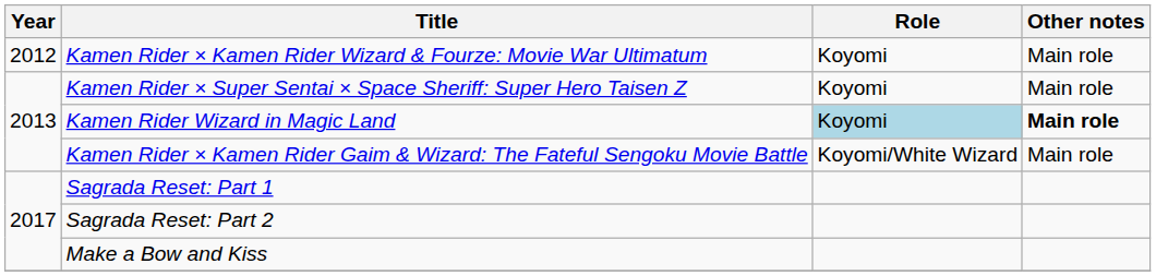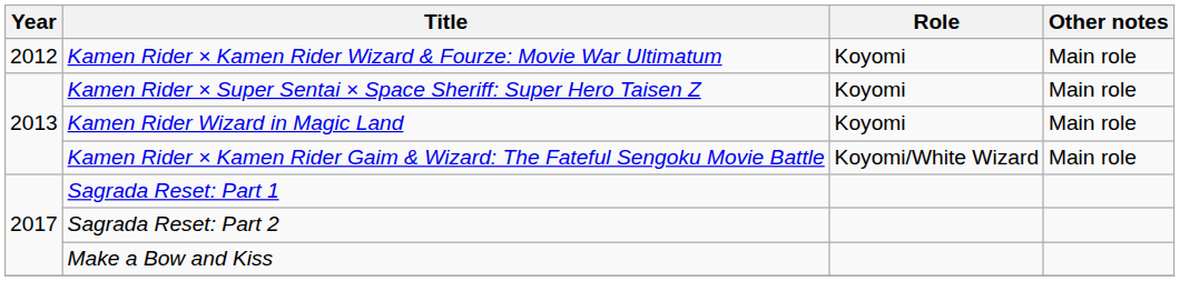 <table class="wikitable">
 <tr>
 <th>Year</th>
 <th>Title</th>
 <th>Role</th>
 <th>Other notes</th>
 </tr>
 <tr>
 <td>2012</td>
 <td><em><a href='#'>Kamen Rider × Kamen Rider Wizard & Fourze: Movie War Ultimatum</a></em></td>
 <td>Koyomi</td>
 <td>Main role</td>
 </tr>
 <tr>
 <td rowspan="3">2013</td>
 <td><em><a href='#'>Kamen Rider × Super Sentai × Space Sheriff: Super Hero Taisen Z</a></em></td>
 <td>Koyomi</td>
 <td>Main role</td>
 </tr>
 <tr>
 <td><em><a href='#'>Kamen Rider Wizard in Magic Land</a></em></td>
-<td style="background: lightblue;">Koyomi</td>
-<td><strong>Main role</strong></td>
+<td>Koyomi</td>
+<td>Main role</td>
 </tr>
 <tr>
 <td><em><a href='#'>Kamen Rider × Kamen Rider Gaim & Wizard: The Fateful Sengoku Movie Battle</a></em></td>
 <td>Koyomi/White Wizard</td>
 <td>Main role</td>
 </tr>
 <tr>
 <td rowspan="3">2017</td>
 <td><em><a href='#'>Sagrada Reset: Part 1</a></em></td>
 <td></td>
 <td></td>
 </tr>
 <tr>
 <td><em>Sagrada Reset: Part 2</em></td>
 <td></td>
 <td></td>
 </tr>
 <tr>
 <td><em>Make a Bow and Kiss</em></td>
 <td></td>
 <td></td>
 </tr>
 <tr>
 </tr>
 </table>
